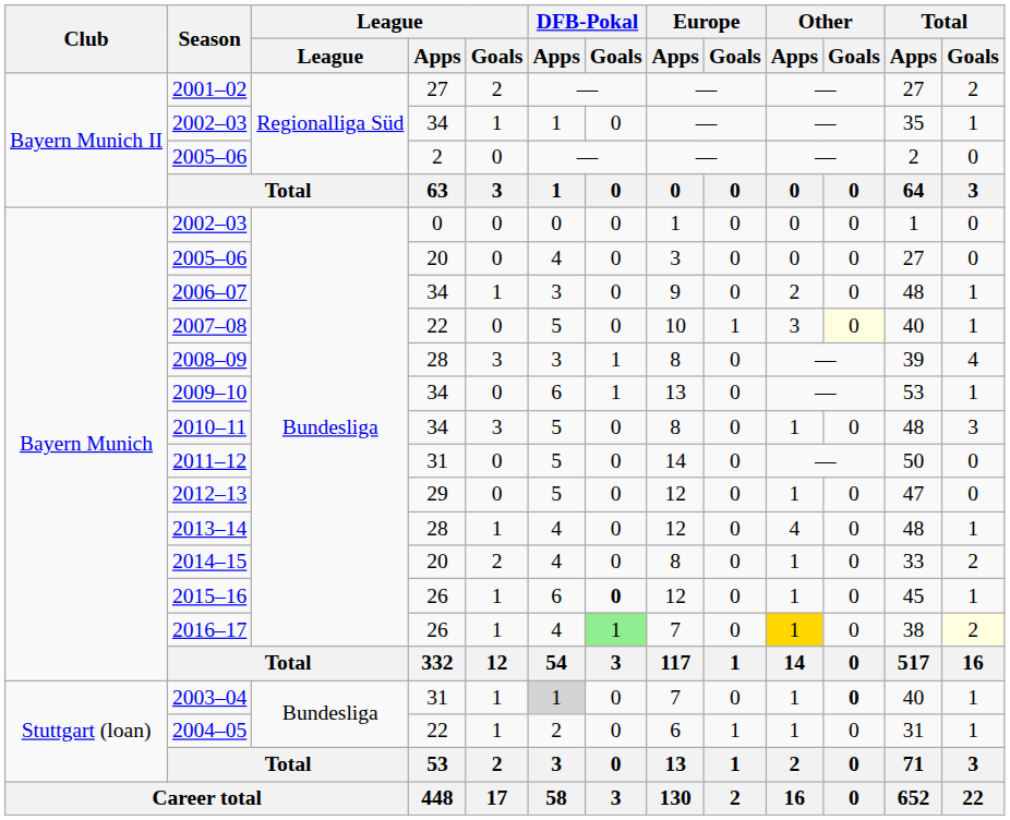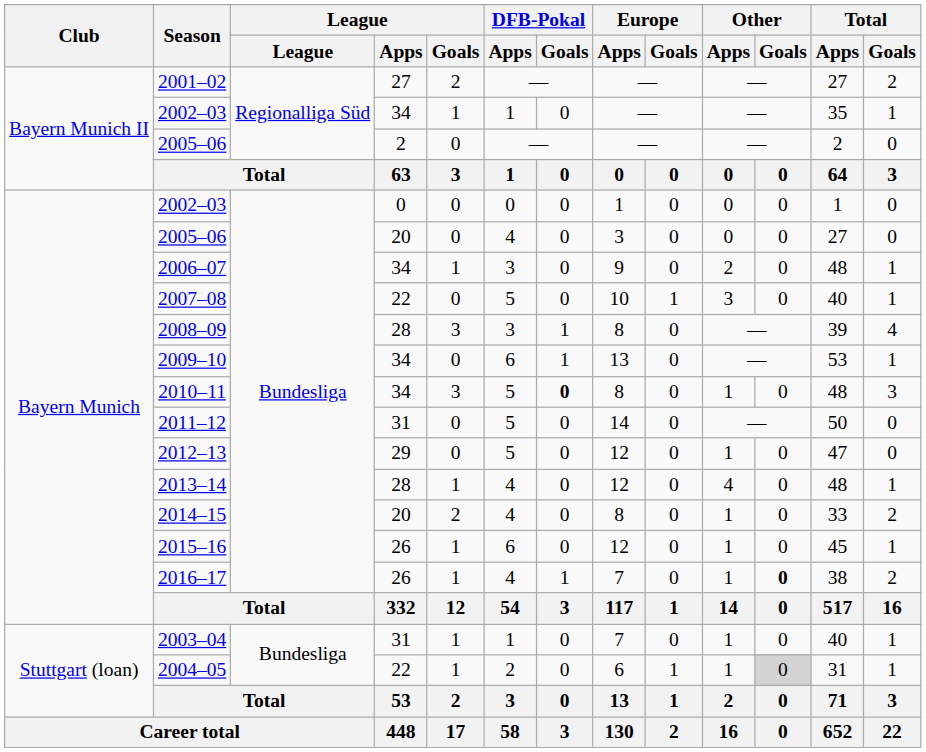 <table class="wikitable" style="text-align:center">
 <tr>
 <th rowspan="2">Club</th>
 <th rowspan="2">Season</th>
 <th colspan="3">League</th>
 <th colspan="2"><a href='#'>DFB-Pokal</a></th>
 <th colspan="2">Europe</th>
 <th colspan="2">Other</th>
 <th colspan="2">Total</th>
 </tr>
 <tr>
 <th>League</th>
 <th>Apps</th>
 <th>Goals</th>
 <th>Apps</th>
 <th>Goals</th>
 <th>Apps</th>
 <th>Goals</th>
 <th>Apps</th>
 <th>Goals</th>
 <th>Apps</th>
 <th>Goals</th>
 </tr>
 <tr>
 <td rowspan="4"><a href='#'>Bayern Munich II</a></td>
 <td><a href='#'>2001–02</a></td>
 <td rowspan=3><a href='#'>Regionalliga Süd</a></td>
 <td>27</td>
 <td>2</td>
 <td colspan="2">—</td>
 <td colspan="2">—</td>
 <td colspan="2">—</td>
 <td>27</td>
 <td>2</td>
 </tr>
 <tr>
 <td><a href='#'>2002–03</a></td>
 <td>34</td>
 <td>1</td>
 <td>1</td>
 <td>0</td>
 <td colspan="2">—</td>
 <td colspan="2">—</td>
 <td>35</td>
 <td>1</td>
 </tr>
 <tr>
 <td><a href='#'>2005–06</a></td>
 <td>2</td>
 <td>0</td>
 <td colspan="2">—</td>
 <td colspan="2">—</td>
 <td colspan="2">—</td>
 <td>2</td>
 <td>0</td>
 </tr>
 <tr>
 <th colspan="2">Total</th>
 <th>63</th>
 <th>3</th>
 <th>1</th>
 <th>0</th>
 <th>0</th>
 <th>0</th>
 <th>0</th>
 <th>0</th>
 <th>64</th>
 <th>3</th>
 </tr>
 <tr>
 <td rowspan="14"><a href='#'>Bayern Munich</a></td>
 <td><a href='#'>2002–03</a></td>
 <td rowspan=13><a href='#'>Bundesliga</a></td>
 <td>0</td>
 <td>0</td>
 <td>0</td>
 <td>0</td>
 <td>1</td>
 <td>0</td>
 <td>0</td>
 <td>0</td>
 <td>1</td>
 <td>0</td>
 </tr>
 <tr>
 <td><a href='#'>2005–06</a></td>
 <td>20</td>
 <td>0</td>
 <td>4</td>
 <td>0</td>
 <td>3</td>
 <td>0</td>
 <td>0</td>
 <td>0</td>
 <td>27</td>
 <td>0</td>
 </tr>
 <tr>
 <td><a href='#'>2006–07</a></td>
 <td>34</td>
 <td>1</td>
 <td>3</td>
 <td>0</td>
 <td>9</td>
 <td>0</td>
 <td>2</td>
 <td>0</td>
 <td>48</td>
 <td>1</td>
 </tr>
 <tr>
 <td><a href='#'>2007–08</a></td>
 <td>22</td>
 <td>0</td>
 <td>5</td>
 <td>0</td>
 <td>10</td>
 <td>1</td>
 <td>3</td>
-<td style="background: lightyellow;">0</td>
+<td>0</td>
 <td>40</td>
 <td>1</td>
 </tr>
 <tr>
 <td><a href='#'>2008–09</a></td>
 <td>28</td>
 <td>3</td>
 <td>3</td>
 <td>1</td>
 <td>8</td>
 <td>0</td>
 <td colspan="2">—</td>
 <td>39</td>
 <td>4</td>
 </tr>
 <tr>
 <td><a href='#'>2009–10</a></td>
 <td>34</td>
 <td>0</td>
 <td>6</td>
 <td>1</td>
 <td>13</td>
 <td>0</td>
 <td colspan="2">—</td>
 <td>53</td>
 <td>1</td>
 </tr>
 <tr>
 <td><a href='#'>2010–11</a></td>
 <td>34</td>
 <td>3</td>
 <td>5</td>
-<td>0</td>
+<td><strong>0</strong></td>
 <td>8</td>
 <td>0</td>
 <td>1</td>
 <td>0</td>
 <td>48</td>
 <td>3</td>
 </tr>
 <tr>
 <td><a href='#'>2011–12</a></td>
 <td>31</td>
 <td>0</td>
 <td>5</td>
 <td>0</td>
 <td>14</td>
 <td>0</td>
 <td colspan="2">—</td>
 <td>50</td>
 <td>0</td>
 </tr>
 <tr>
 <td><a href='#'>2012–13</a></td>
 <td>29</td>
 <td>0</td>
 <td>5</td>
 <td>0</td>
 <td>12</td>
 <td>0</td>
 <td>1</td>
 <td>0</td>
 <td>47</td>
 <td>0</td>
 </tr>
 <tr>
 <td><a href='#'>2013–14</a></td>
 <td>28</td>
 <td>1</td>
 <td>4</td>
 <td>0</td>
 <td>12</td>
 <td>0</td>
 <td>4</td>
 <td>0</td>
 <td>48</td>
 <td>1</td>
 </tr>
 <tr>
 <td><a href='#'>2014–15</a></td>
 <td>20</td>
 <td>2</td>
 <td>4</td>
 <td>0</td>
 <td>8</td>
 <td>0</td>
 <td>1</td>
 <td>0</td>
 <td>33</td>
 <td>2</td>
 </tr>
 <tr>
 <td><a href='#'>2015–16</a></td>
 <td>26</td>
 <td>1</td>
 <td>6</td>
-<td><strong>0</strong></td>
+<td>0</td>
 <td>12</td>
 <td>0</td>
 <td>1</td>
 <td>0</td>
 <td>45</td>
 <td>1</td>
 </tr>
 <tr>
 <td><a href='#'>2016–17</a></td>
 <td>26</td>
 <td>1</td>
 <td>4</td>
-<td style="background: lightgreen;">1</td>
+<td>1</td>
 <td>7</td>
 <td>0</td>
-<td style="background: gold;">1</td>
-<td>0</td>
+<td>1</td>
+<td><strong>0</strong></td>
 <td>38</td>
-<td style="background: lightyellow;">2</td>
+<td>2</td>
 </tr>
 <tr>
 <th colspan="2">Total</th>
 <th>332</th>
 <th>12</th>
 <th>54</th>
 <th>3</th>
 <th>117</th>
 <th>1</th>
 <th>14</th>
 <th>0</th>
 <th>517</th>
 <th>16</th>
 </tr>
 <tr>
 <td rowspan="3"><a href='#'>Stuttgart</a> (loan)</td>
 <td><a href='#'>2003–04</a></td>
 <td rowspan=2>Bundesliga</td>
 <td>31</td>
 <td>1</td>
-<td style="background: lightgrey;">1</td>
+<td>1</td>
 <td>0</td>
 <td>7</td>
 <td>0</td>
 <td>1</td>
-<td><strong>0</strong></td>
+<td>0</td>
 <td>40</td>
 <td>1</td>
 </tr>
 <tr>
 <td><a href='#'>2004–05</a></td>
 <td>22</td>
 <td>1</td>
 <td>2</td>
 <td>0</td>
 <td>6</td>
 <td>1</td>
 <td>1</td>
-<td>0</td>
+<td style="background: lightgrey;">0</td>
 <td>31</td>
 <td>1</td>
 </tr>
 <tr>
 <th colspan="2">Total</th>
 <th>53</th>
 <th>2</th>
 <th>3</th>
 <th>0</th>
 <th>13</th>
 <th>1</th>
 <th>2</th>
 <th>0</th>
 <th>71</th>
 <th>3</th>
 </tr>
 <tr>
 <th colspan="3">Career total</th>
 <th>448</th>
 <th>17</th>
 <th>58</th>
 <th>3</th>
 <th>130</th>
 <th>2</th>
 <th>16</th>
 <th>0</th>
 <th>652</th>
 <th>22</th>
 </tr>
 </table>
